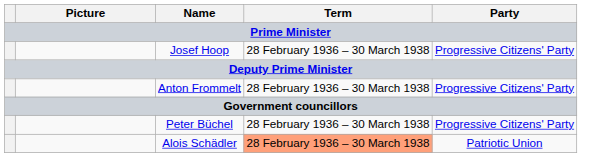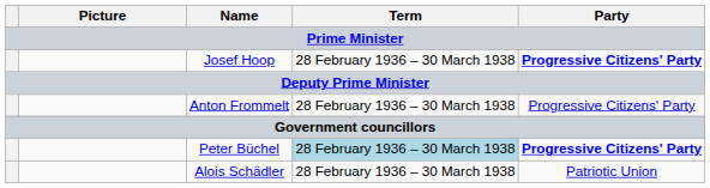 <table class="wikitable" style="text-align:center">
 <tr>
 <th style="width: 0.5em"></th>
 <th style="width: 11.5em"><strong>Picture</strong></th>
 <th><strong>Name</strong></th>
 <th><strong>Term</strong></th>
 <th><strong>Party</strong></th>
 </tr>
 <tr>
 <th colspan="6" style="background:#CCD2D9"><a href='#'>Prime Minister</a></th>
 </tr>
 <tr>
 <th style="background:"></th>
 <td></td>
 <td><a href='#'>Josef Hoop</a></td>
 <td style="text-align:left">28 February 1936 – 30 March 1938</td>
-<td><a href='#'>Progressive Citizens' Party</a></td>
+<td><strong><a href='#'>Progressive Citizens' Party</a></strong></td>
 </tr>
 <tr>
 <th colspan="6" style="background:#CCD2D9"><a href='#'>Deputy Prime Minister</a></th>
 </tr>
 <tr>
 <th style="background:"></th>
 <td></td>
 <td><a href='#'>Anton Frommelt</a></td>
 <td style="text-align:left">28 February 1936 – 30 March 1938</td>
 <td><a href='#'>Progressive Citizens' Party</a></td>
 </tr>
 <tr>
 <th colspan="6" style="background:#CCD2D9">Government councillors</th>
 </tr>
 <tr>
 <th style="background:"></th>
 <td></td>
 <td><a href='#'>Peter Büchel</a></td>
-<td style="text-align:left">28 February 1936 – 30 March 1938</td>
-<td><a href='#'>Progressive Citizens' Party</a></td>
+<td style="background: lightblue; text-align:left">28 February 1936 – 30 March 1938</td>
+<td><strong><a href='#'>Progressive Citizens' Party</a></strong></td>
 </tr>
 <tr>
 <th style="background:"></th>
 <td></td>
 <td><a href='#'>Alois Schädler</a></td>
-<td style="background: lightsalmon; text-align:left">28 February 1936 – 30 March 1938</td>
+<td style="text-align:left">28 February 1936 – 30 March 1938</td>
 <td><a href='#'>Patriotic Union</a></td>
 </tr>
 </table>
